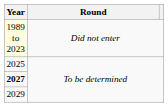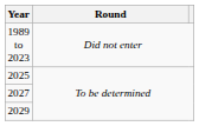 <table class="wikitable" style="text-align: center; font-size:90%">
 <tr>
 <th>Year</th>
 <th style="width:200px">Round</th>
 <th></th>
 </tr>
 <tr>
-<td style="background: lightyellow;">1989<br>to<br>2023</td>
+<td>1989<br>to<br>2023</td>
 <td colspan="2"><em>Did not enter</em></td>
 </tr>
 <tr>
 <td>2025</td>
 <td colspan="2" rowspan="3"><em>To be determined</em></td>
 </tr>
 <tr>
-<td><strong>2027</strong></td>
+<td>2027</td>
 </tr>
 <tr>
 <td>2029</td>
 </tr>
 </table>
